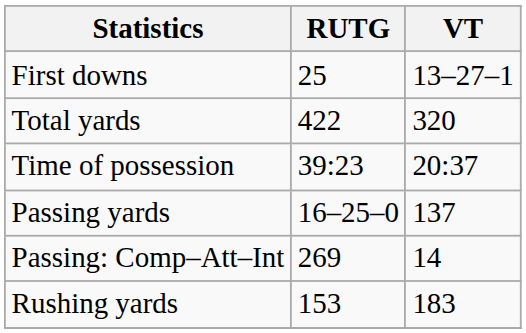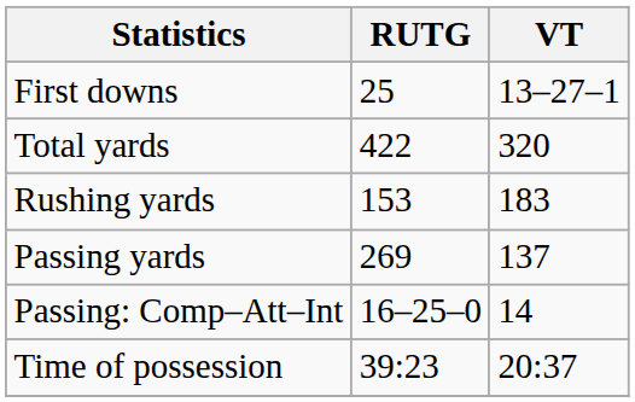 <table class="wikitable" style="float: left;">
 <tr>
 <th>Statistics</th>
 <th>RUTG</th>
 <th>VT</th>
 </tr>
 <tr>
 <td>First downs</td>
 <td>25</td>
 <td>13–27–1</td>
 </tr>
 <tr>
 <td>Total yards</td>
 <td>422</td>
 <td>320</td>
 </tr>
 <tr>
+<td>Rushing yards</td>
+<td>153</td>
+<td>183</td>
+</tr>
+<tr>
+<td>Passing yards</td>
+<td>269</td>
+<td>137</td>
+</tr>
+<tr>
+<td>Passing: Comp–Att–Int</td>
+<td>16–25–0</td>
+<td>14</td>
+</tr>
+<tr>
 <td>Time of possession</td>
 <td>39:23</td>
 <td>20:37</td>
 </tr>
 <tr>
-<td>Passing yards</td>
-<td>16–25–0</td>
-<td>137</td>
-</tr>
-<tr>
-<td>Passing: Comp–Att–Int</td>
-<td>269</td>
-<td>14</td>
-</tr>
-<tr>
-<td>Rushing yards</td>
-<td>153</td>
-<td>183</td>
-</tr>
-<tr>
 </tr>
 </table>
